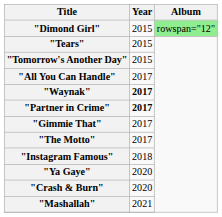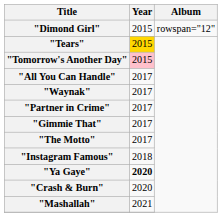 <table class="wikitable plainrowheaders" style="text-align:center;">
 <tr>
 <th scope="col" rowspan="1">Title</th>
 <th scope="col" rowspan="1">Year</th>
 <th scope="col" rowspan="1">Album</th>
 </tr>
 <tr>
 <th scope="row">"Dimond Girl"<br></th>
 <td>2015</td>
-<td style="background: lightgreen;">rowspan="12" </td>
+<td>rowspan="12" </td>
 </tr>
 <tr>
 <th scope="row">"Tears"<br></th>
-<td>2015</td>
+<td style="background: gold;">2015</td>
 </tr>
 <tr>
 <th scope="Row">"Tomorrow's Another Day"<br></th>
-<td>2015</td>
+<td style="background: pink;">2015</td>
 </tr>
 <tr>
 <th scope="Row">"All You Can Handle"<br></th>
 <td>2017</td>
 </tr>
 <tr>
 <th scope="Row">"Waynak"<br></th>
-<td><strong>2017</strong></td>
+<td>2017</td>
 </tr>
 <tr>
 <th scope="Row">"Partner in Crime"<br></th>
-<td><strong>2017</strong></td>
+<td>2017</td>
 </tr>
 <tr>
 <th scope="Row">"Gimmie That"<br></th>
 <td>2017</td>
 </tr>
 <tr>
 <th scope="Row">"The Motto"<br></th>
 <td>2017</td>
 </tr>
 <tr>
 <th scope="Row">"Instagram Famous"<br></th>
 <td>2018</td>
 </tr>
 <tr>
 <th scope="Row">"Ya Gaye"</th>
-<td>2020</td>
+<td><strong>2020</strong></td>
 </tr>
 <tr>
 <th scope="Row">"Crash & Burn"<br></th>
 <td>2020</td>
 </tr>
 <tr>
 <th scope="Row">"Mashallah"<br></th>
 <td>2021</td>
 </tr>
 <tr>
 </tr>
 </table>
